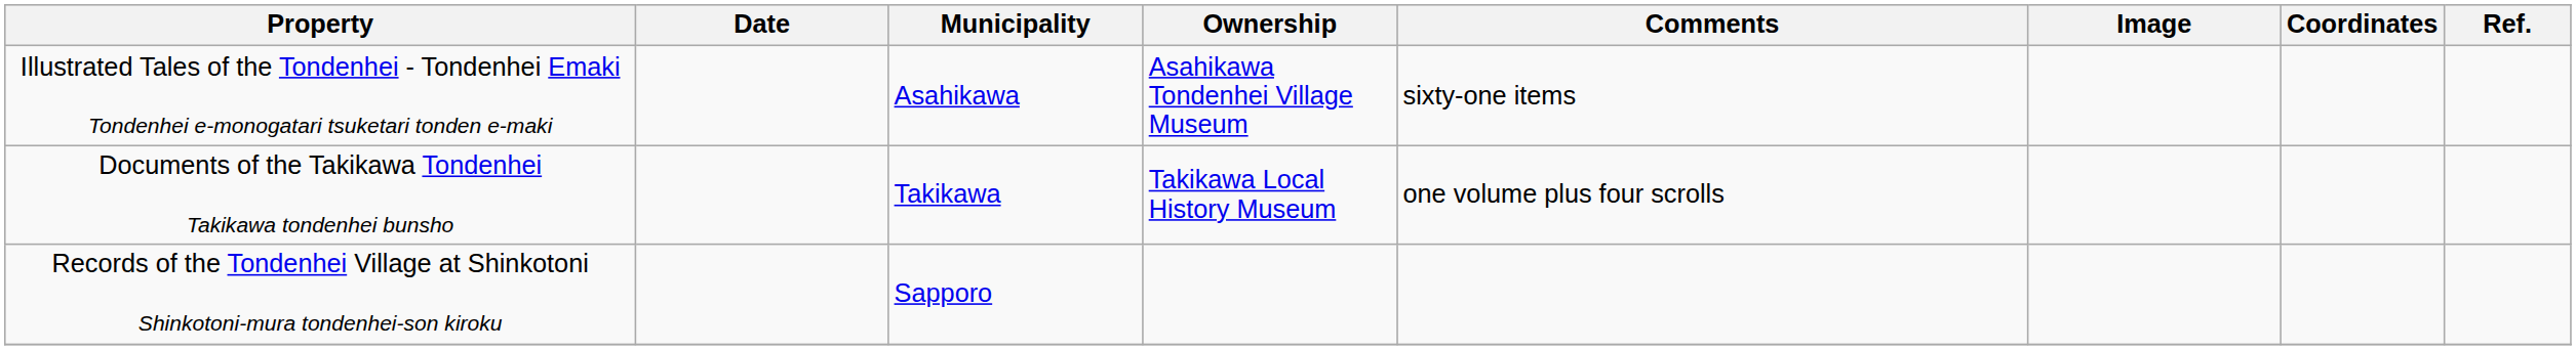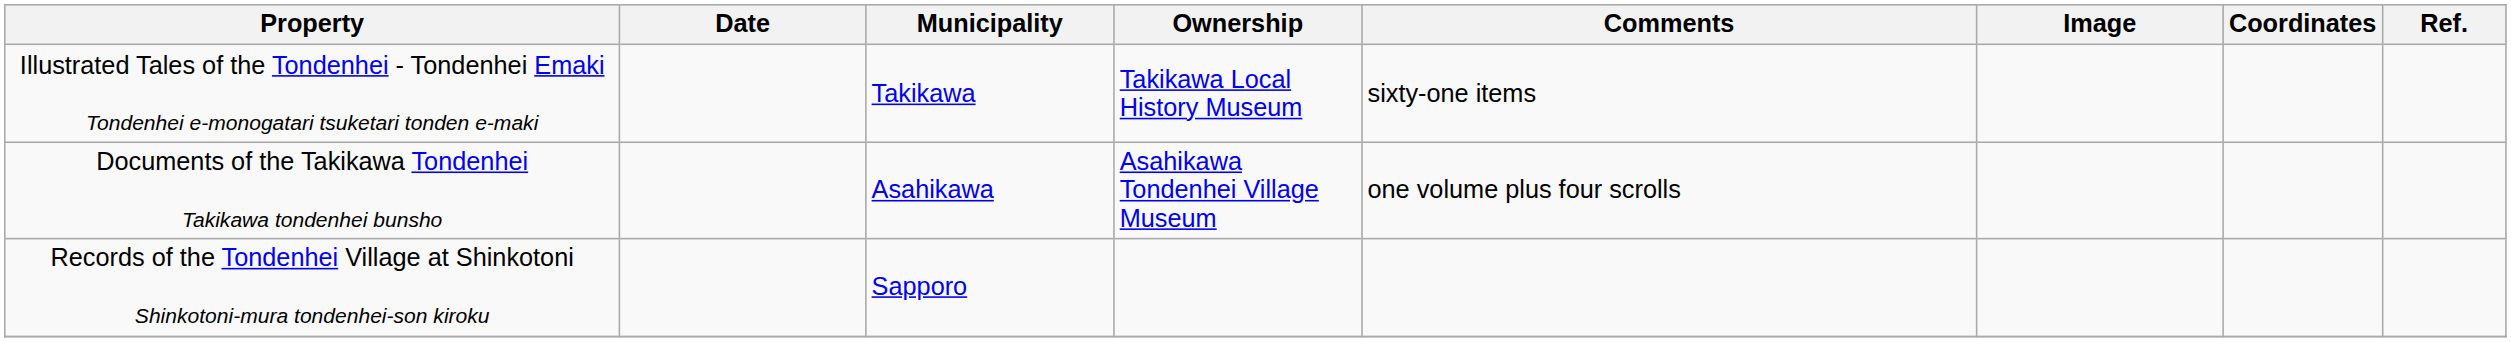 <table class="wikitable sortable"  style="width:100%;">
 <tr>
 <th width="25%" align="left">Property</th>
 <th width="10%" align="left" data-sort-type="number">Date</th>
 <th width="10%" align="left">Municipality</th>
 <th width="10%" align="left">Ownership</th>
 <th width="25%" align="left" class="unsortable">Comments</th>
 <th width="10%" align="left" class="unsortable">Image</th>
 <th width="5%" align="left" class="unsortable">Coordinates</th>
 <th width="5%" align="left" class="unsortable">Ref.</th>
 </tr>
 <tr>
 <td align="center">Illustrated Tales of the <a href='#'>Tondenhei</a> - Tondenhei <a href='#'>Emaki</a><br><br><small><em>Tondenhei e-monogatari tsuketari tonden e-maki</em></small></td>
 <td></td>
-<td><a href='#'>Asahikawa</a></td>
-<td><a href='#'>Asahikawa Tondenhei Village Museum</a></td>
+<td><a href='#'>Takikawa</a></td>
+<td><a href='#'>Takikawa Local History Museum</a></td>
 <td>sixty-one items</td>
 <td></td>
 <td></td>
 <td></td>
 </tr>
 <tr>
 <td align="center">Documents of the Takikawa <a href='#'>Tondenhei</a><br><br><small><em>Takikawa tondenhei bunsho</em></small></td>
 <td></td>
-<td><a href='#'>Takikawa</a></td>
-<td><a href='#'>Takikawa Local History Museum</a></td>
+<td><a href='#'>Asahikawa</a></td>
+<td><a href='#'>Asahikawa Tondenhei Village Museum</a></td>
 <td>one volume plus four scrolls</td>
 <td></td>
 <td></td>
 <td></td>
 </tr>
 <tr>
 <td align="center">Records of the <a href='#'>Tondenhei</a> Village at Shinkotoni<br><br><small><em>Shinkotoni-mura tondenhei-son kiroku</em></small></td>
 <td></td>
 <td><a href='#'>Sapporo</a></td>
 <td></td>
 <td></td>
 <td></td>
 <td></td>
 <td></td>
 </tr>
 <tr>
 </tr>
 </table>
